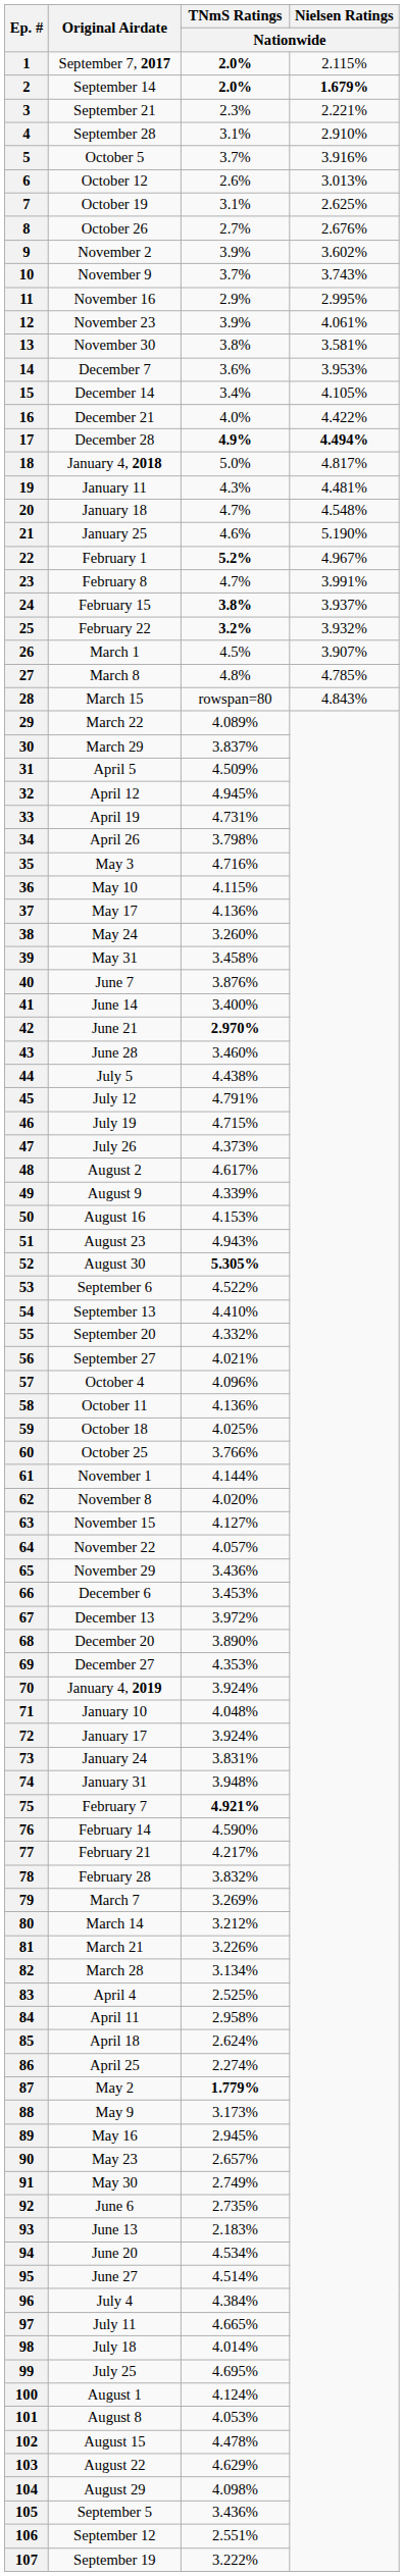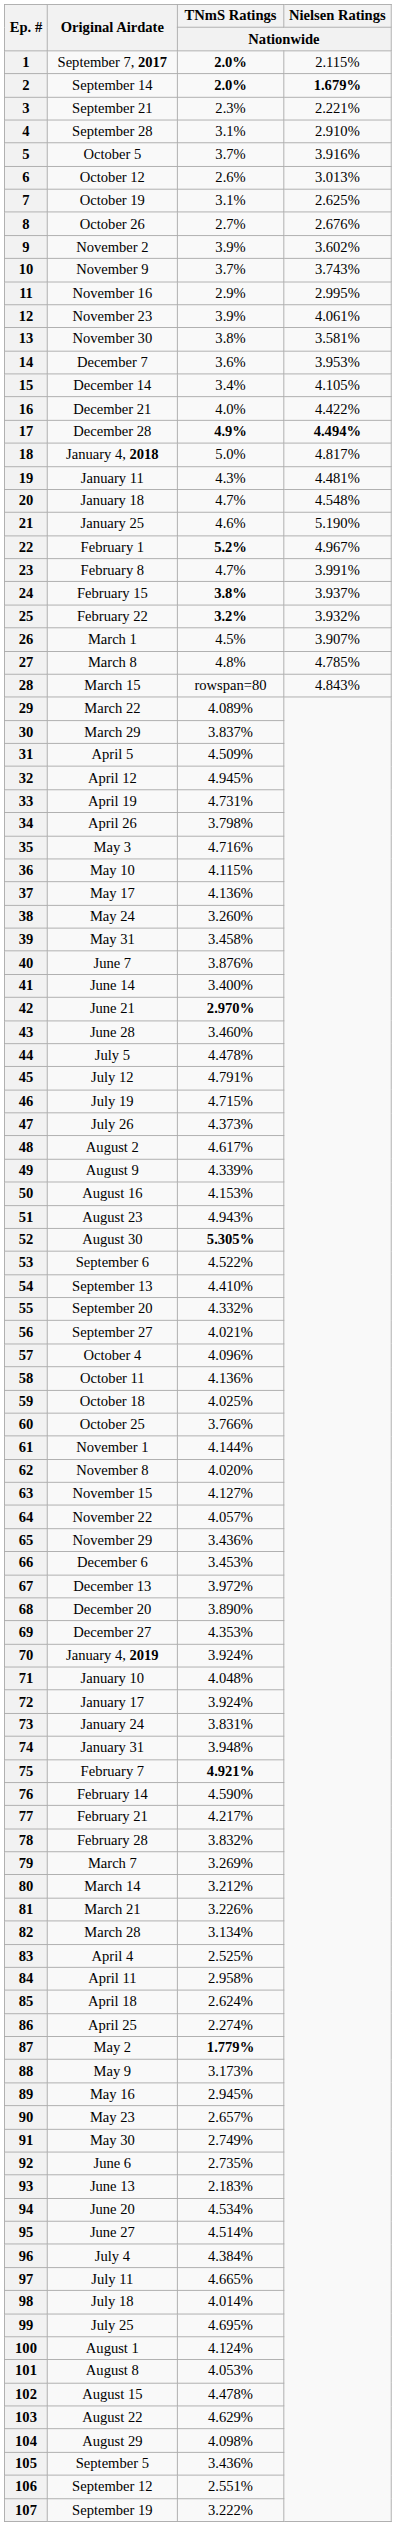 <table class=wikitable =wikitable style="text-align:center">
 <tr>
 <th rowspan=2 style=width:40px;>Ep. #</th>
 <th rowspan=2 style=width:135px;>Original Airdate</th>
 <th width=110>TNmS Ratings</th>
 <th width=110>Nielsen Ratings</th>
 </tr>
 <tr>
 <th colspan=2>Nationwide</th>
 </tr>
 <tr>
 <th>1</th>
 <td>September 7, <strong>2017</strong></td>
 <td><span><strong>2.0%</strong></span></td>
 <td>2.115%</td>
 </tr>
 <tr>
 <th>2</th>
 <td>September 14</td>
 <td><span><strong>2.0%</strong></span></td>
 <td><span><strong>1.679%</strong></span></td>
 </tr>
 <tr>
 <th>3</th>
 <td>September 21</td>
 <td>2.3%</td>
 <td>2.221%</td>
 </tr>
 <tr>
 <th>4</th>
 <td>September 28</td>
 <td>3.1%</td>
 <td>2.910%</td>
 </tr>
 <tr>
 <th>5</th>
 <td>October 5</td>
 <td>3.7%</td>
 <td>3.916%</td>
 </tr>
 <tr>
 <th>6</th>
 <td>October 12</td>
 <td>2.6%</td>
 <td>3.013%</td>
 </tr>
 <tr>
 <th>7</th>
 <td>October 19</td>
 <td>3.1%</td>
 <td>2.625%</td>
 </tr>
 <tr>
 <th>8</th>
 <td>October 26</td>
 <td>2.7%</td>
 <td>2.676%</td>
 </tr>
 <tr>
 <th>9</th>
 <td>November 2</td>
 <td>3.9%</td>
 <td>3.602%</td>
 </tr>
 <tr>
 <th>10</th>
 <td>November 9</td>
 <td>3.7%</td>
 <td>3.743%</td>
 </tr>
 <tr>
 <th>11</th>
 <td>November 16</td>
 <td>2.9%</td>
 <td>2.995%</td>
 </tr>
 <tr>
 <th>12</th>
 <td>November 23</td>
 <td>3.9%</td>
 <td>4.061%</td>
 </tr>
 <tr>
 <th>13</th>
 <td>November 30</td>
 <td>3.8%</td>
 <td>3.581%</td>
 </tr>
 <tr>
 <th>14</th>
 <td>December 7</td>
 <td>3.6%</td>
 <td>3.953%</td>
 </tr>
 <tr>
 <th>15</th>
 <td>December 14</td>
 <td>3.4%</td>
 <td>4.105%</td>
 </tr>
 <tr>
 <th>16</th>
 <td>December 21</td>
 <td>4.0%</td>
 <td>4.422%</td>
 </tr>
 <tr>
 <th>17</th>
 <td>December 28</td>
 <td><span><strong>4.9%</strong></span></td>
 <td><span><strong>4.494%</strong></span></td>
 </tr>
 <tr>
 <th>18</th>
 <td>January 4, <strong>2018</strong></td>
 <td>5.0%</td>
 <td>4.817%</td>
 </tr>
 <tr>
 <th>19</th>
 <td>January 11</td>
 <td>4.3%</td>
 <td>4.481%</td>
 </tr>
 <tr>
 <th>20</th>
 <td>January 18</td>
 <td>4.7%</td>
 <td>4.548%</td>
 </tr>
 <tr>
 <th>21</th>
 <td>January 25</td>
 <td>4.6%</td>
 <td>5.190%</td>
 </tr>
 <tr>
 <th>22</th>
 <td>February 1</td>
 <td><span><strong>5.2%</strong></span></td>
 <td>4.967%</td>
 </tr>
 <tr>
 <th>23</th>
 <td>February 8</td>
 <td>4.7%</td>
 <td>3.991%</td>
 </tr>
 <tr>
 <th>24</th>
 <td>February 15</td>
 <td><span><strong>3.8%</strong></span></td>
 <td>3.937%</td>
 </tr>
 <tr>
 <th>25</th>
 <td>February 22</td>
 <td><span><strong>3.2%</strong></span></td>
 <td>3.932%</td>
 </tr>
 <tr>
 <th>26</th>
 <td>March 1</td>
 <td>4.5%</td>
 <td>3.907%</td>
 </tr>
 <tr>
 <th>27</th>
 <td>March 8</td>
 <td>4.8%</td>
 <td>4.785%</td>
 </tr>
 <tr>
 <th>28</th>
 <td>March 15</td>
 <td>rowspan=80 </td>
 <td>4.843%</td>
 </tr>
 <tr>
 <th>29</th>
 <td>March 22</td>
 <td>4.089%</td>
 </tr>
 <tr>
 <th>30</th>
 <td>March 29</td>
 <td>3.837%</td>
 </tr>
 <tr>
 <th>31</th>
 <td>April 5</td>
 <td>4.509%</td>
 </tr>
 <tr>
 <th>32</th>
 <td>April 12</td>
 <td>4.945%</td>
 </tr>
 <tr>
 <th>33</th>
 <td>April 19</td>
 <td>4.731%</td>
 </tr>
 <tr>
 <th>34</th>
 <td>April 26</td>
 <td>3.798%</td>
 </tr>
 <tr>
 <th>35</th>
 <td>May 3</td>
 <td>4.716%</td>
 </tr>
 <tr>
 <th>36</th>
 <td>May 10</td>
 <td>4.115%</td>
 </tr>
 <tr>
 <th>37</th>
 <td>May 17</td>
 <td>4.136%</td>
 </tr>
 <tr>
 <th>38</th>
 <td>May 24</td>
 <td>3.260%</td>
 </tr>
 <tr>
 <th>39</th>
 <td>May 31</td>
 <td>3.458%</td>
 </tr>
 <tr>
 <th>40</th>
 <td>June 7</td>
 <td>3.876%</td>
 </tr>
 <tr>
 <th>41</th>
 <td>June 14</td>
 <td>3.400%</td>
 </tr>
 <tr>
 <th>42</th>
 <td>June 21</td>
 <td><span><strong>2.970%</strong></span></td>
 </tr>
 <tr>
 <th>43</th>
 <td>June 28</td>
 <td>3.460%</td>
 </tr>
 <tr>
 <th>44</th>
 <td>July 5</td>
-<td>4.438%</td>
+<td>4.478%</td>
 </tr>
 <tr>
 <th>45</th>
 <td>July 12</td>
 <td>4.791%</td>
 </tr>
 <tr>
 <th>46</th>
 <td>July 19</td>
 <td>4.715%</td>
 </tr>
 <tr>
 <th>47</th>
 <td>July 26</td>
 <td>4.373%</td>
 </tr>
 <tr>
 <th>48</th>
 <td>August 2</td>
 <td>4.617%</td>
 </tr>
 <tr>
 <th>49</th>
 <td>August 9</td>
 <td>4.339%</td>
 </tr>
 <tr>
 <th>50</th>
 <td>August 16</td>
 <td>4.153%</td>
 </tr>
 <tr>
 <th>51</th>
 <td>August 23</td>
 <td>4.943%</td>
 </tr>
 <tr>
 <th>52</th>
 <td>August 30</td>
 <td><span><strong>5.305%</strong></span></td>
 </tr>
 <tr>
 <th>53</th>
 <td>September 6</td>
 <td>4.522%</td>
 </tr>
 <tr>
 <th>54</th>
 <td>September 13</td>
 <td>4.410%</td>
 </tr>
 <tr>
 <th>55</th>
 <td>September 20</td>
 <td>4.332%</td>
 </tr>
 <tr>
 <th>56</th>
 <td>September 27</td>
 <td>4.021%</td>
 </tr>
 <tr>
 <th>57</th>
 <td>October 4</td>
 <td>4.096%</td>
 </tr>
 <tr>
 <th>58</th>
 <td>October 11</td>
 <td>4.136%</td>
 </tr>
 <tr>
 <th>59</th>
 <td>October 18</td>
 <td>4.025%</td>
 </tr>
 <tr>
 <th>60</th>
 <td>October 25</td>
 <td>3.766%</td>
 </tr>
 <tr>
 <th>61</th>
 <td>November 1</td>
 <td>4.144%</td>
 </tr>
 <tr>
 <th>62</th>
 <td>November 8</td>
 <td>4.020%</td>
 </tr>
 <tr>
 <th>63</th>
 <td>November 15</td>
 <td>4.127%</td>
 </tr>
 <tr>
 <th>64</th>
 <td>November 22</td>
 <td>4.057%</td>
 </tr>
 <tr>
 <th>65</th>
 <td>November 29</td>
 <td>3.436%</td>
 </tr>
 <tr>
 <th>66</th>
 <td>December 6</td>
 <td>3.453%</td>
 </tr>
 <tr>
 <th>67</th>
 <td>December 13</td>
 <td>3.972%</td>
 </tr>
 <tr>
 <th>68</th>
 <td>December 20</td>
 <td>3.890%</td>
 </tr>
 <tr>
 <th>69</th>
 <td>December 27</td>
 <td>4.353%</td>
 </tr>
 <tr>
 <th>70</th>
 <td>January 4, <strong>2019</strong></td>
 <td>3.924%</td>
 </tr>
 <tr>
 <th>71</th>
 <td>January 10</td>
 <td>4.048%</td>
 </tr>
 <tr>
 <th>72</th>
 <td>January 17</td>
 <td>3.924%</td>
 </tr>
 <tr>
 <th>73</th>
 <td>January 24</td>
 <td>3.831%</td>
 </tr>
 <tr>
 <th>74</th>
 <td>January 31</td>
 <td>3.948%</td>
 </tr>
 <tr>
 <th>75</th>
 <td>February 7</td>
 <td><span><strong>4.921%</strong></span></td>
 </tr>
 <tr>
 <th>76</th>
 <td>February 14</td>
 <td>4.590%</td>
 </tr>
 <tr>
 <th>77</th>
 <td>February 21</td>
 <td>4.217%</td>
 </tr>
 <tr>
 <th>78</th>
 <td>February 28</td>
 <td>3.832%</td>
 </tr>
 <tr>
 <th>79</th>
 <td>March 7</td>
 <td>3.269%</td>
 </tr>
 <tr>
 <th>80</th>
 <td>March 14</td>
 <td>3.212%</td>
 </tr>
 <tr>
 <th>81</th>
 <td>March 21</td>
 <td>3.226%</td>
 </tr>
 <tr>
 <th>82</th>
 <td>March 28</td>
 <td>3.134%</td>
 </tr>
 <tr>
 <th>83</th>
 <td>April 4</td>
 <td>2.525%</td>
 </tr>
 <tr>
 <th>84</th>
 <td>April 11</td>
 <td>2.958%</td>
 </tr>
 <tr>
 <th>85</th>
 <td>April 18</td>
 <td>2.624%</td>
 </tr>
 <tr>
 <th>86</th>
 <td>April 25</td>
 <td>2.274%</td>
 </tr>
 <tr>
 <th>87</th>
 <td>May 2</td>
 <td><span><strong>1.779%</strong></span></td>
 </tr>
 <tr>
 <th>88</th>
 <td>May 9</td>
 <td>3.173%</td>
 </tr>
 <tr>
 <th>89</th>
 <td>May 16</td>
 <td>2.945%</td>
 </tr>
 <tr>
 <th>90</th>
 <td>May 23</td>
 <td>2.657%</td>
 </tr>
 <tr>
 <th>91</th>
 <td>May 30</td>
 <td>2.749%</td>
 </tr>
 <tr>
 <th>92</th>
 <td>June 6</td>
 <td>2.735%</td>
 </tr>
 <tr>
 <th>93</th>
 <td>June 13</td>
 <td>2.183%</td>
 </tr>
 <tr>
 <th>94</th>
 <td>June 20</td>
 <td>4.534%</td>
 </tr>
 <tr>
 <th>95</th>
 <td>June 27</td>
 <td>4.514%</td>
 </tr>
 <tr>
 <th>96</th>
 <td>July 4</td>
 <td>4.384%</td>
 </tr>
 <tr>
 <th>97</th>
 <td>July 11</td>
 <td>4.665%</td>
 </tr>
 <tr>
 <th>98</th>
 <td>July 18</td>
 <td>4.014%</td>
 </tr>
 <tr>
 <th>99</th>
 <td>July 25</td>
 <td>4.695%</td>
 </tr>
 <tr>
 <th>100</th>
 <td>August 1</td>
 <td>4.124%</td>
 </tr>
 <tr>
 <th>101</th>
 <td>August 8</td>
 <td>4.053%</td>
 </tr>
 <tr>
 <th>102</th>
 <td>August 15</td>
 <td>4.478%</td>
 </tr>
 <tr>
 <th>103</th>
 <td>August 22</td>
 <td>4.629%</td>
 </tr>
 <tr>
 <th>104</th>
 <td>August 29</td>
 <td>4.098%</td>
 </tr>
 <tr>
 <th>105</th>
 <td>September 5</td>
 <td>3.436%</td>
 </tr>
 <tr>
 <th>106</th>
 <td>September 12</td>
 <td>2.551%</td>
 </tr>
 <tr>
 <th>107</th>
 <td>September 19</td>
 <td>3.222%</td>
 </tr>
 </table>
